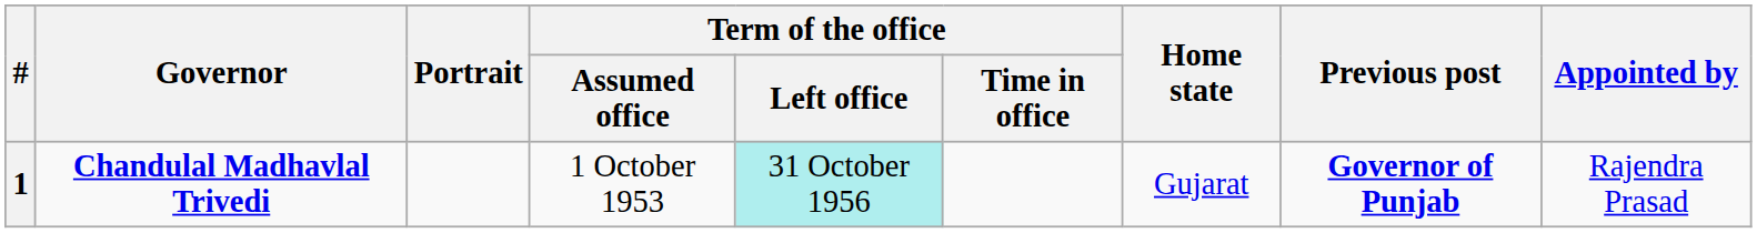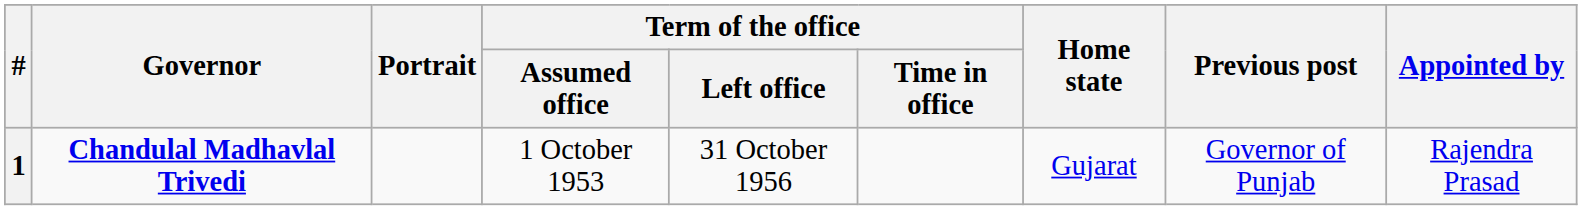 <table class="wikitable sortable" style="width:100%; text-align:center">
 <tr>
 <th rowspan="2">#</th>
 <th rowspan="2">Governor<br></th>
 <th rowspan="2">Portrait</th>
 <th colspan="3">Term of the office</th>
 <th rowspan="2">Home state</th>
 <th rowspan="2">Previous post</th>
 <th rowspan="2"><a href='#'>Appointed by</a></th>
 </tr>
 <tr>
 <th>Assumed office</th>
 <th>Left office</th>
 <th>Time in office</th>
 </tr>
 <tr>
 <th>1</th>
 <td><strong><a href='#'>Chandulal Madhavlal Trivedi</a></strong><br></td>
 <td></td>
 <td>1 October 1953</td>
-<td style="background: paleturquoise;">31 October 1956</td>
+<td>31 October 1956</td>
 <td><strong></strong></td>
 <td><a href='#'>Gujarat</a></td>
-<td><strong><a href='#'>Governor of Punjab</a></strong></td>
+<td><a href='#'>Governor of Punjab</a></td>
 <td><a href='#'>Rajendra Prasad</a></td>
 </tr>
 </table>
